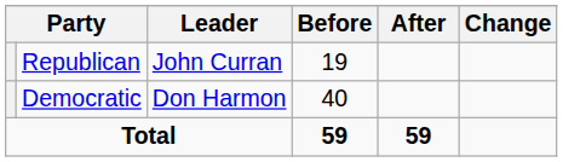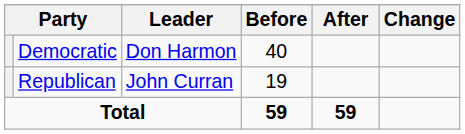 <table class="wikitable" style="text-align:center;">
 <tr>
 </tr>
 <tr>
 <th colspan="2">Party</th>
 <th>Leader</th>
 <th style="width:3em">Before</th>
 <th style="width:3em">After</th>
 <th style="width:3em">Change</th>
 </tr>
 <tr>
 <th style="background-color:"></th>
-<td style="text-align:left;"><a href='#'>Republican</a></td>
-<td style="text-align:left;"><a href='#'>John Curran</a></td>
-<td>19</td>
+<td style="text-align:left;"><a href='#'>Democratic</a></td>
+<td style="text-align:left;"><a href='#'>Don Harmon</a></td>
+<td>40</td>
 <td></td>
 <td></td>
 </tr>
 <tr>
 <th style="background-color:"></th>
-<td style="text-align:left;"><a href='#'>Democratic</a></td>
-<td style="text-align:left;"><a href='#'>Don Harmon</a></td>
-<td>40</td>
+<td style="text-align:left;"><a href='#'>Republican</a></td>
+<td style="text-align:left;"><a href='#'>John Curran</a></td>
+<td>19</td>
 <td></td>
 <td></td>
 </tr>
 <tr>
 <td colspan="3"><strong>Total</strong></td>
 <td><strong>59</strong></td>
 <td><strong>59</strong></td>
 <td></td>
 </tr>
 </table>
